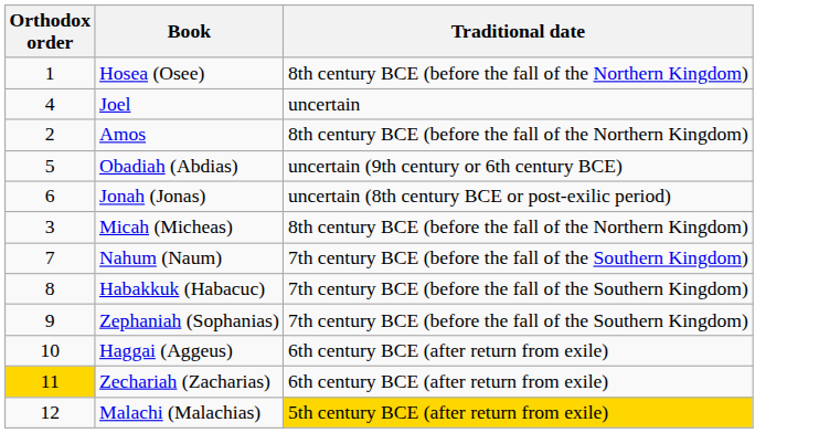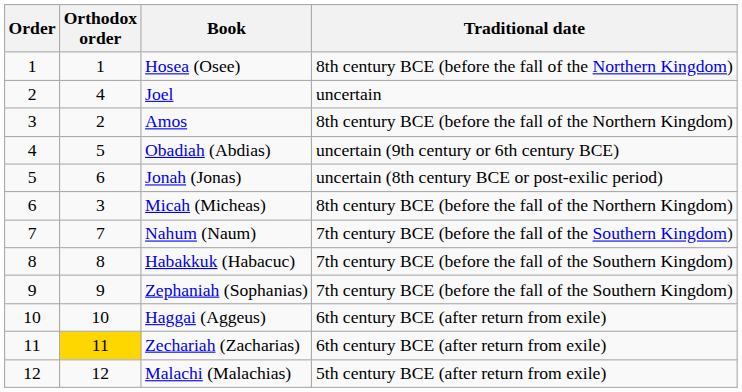 <table class="wikitable sortable" style="textalign:center;">
 <tr>
+<th>Order</th>
 <th>Orthodox <br>order</th>
 <th>Book</th>
 <th>Traditional date</th>
 </tr>
 <tr>
 <td align=center>1</td>
+<td align=center>1</td>
 <td><a href='#'>Hosea</a> (Osee)</td>
 <td>8th century BCE (before the fall of the <a href='#'>Northern Kingdom</a>)</td>
 </tr>
 <tr>
+<td align=center>2</td>
 <td align=center>4</td>
 <td><a href='#'>Joel</a></td>
 <td>uncertain</td>
 </tr>
 <tr>
+<td align=center>3</td>
 <td align=center>2</td>
 <td><a href='#'>Amos</a></td>
 <td>8th century BCE (before the fall of the Northern Kingdom)</td>
 </tr>
 <tr>
+<td align=center>4</td>
 <td align=center>5</td>
 <td><a href='#'>Obadiah</a> (Abdias)</td>
 <td>uncertain (9th century or 6th century BCE)</td>
 </tr>
 <tr>
+<td align=center>5</td>
 <td align=center>6</td>
 <td><a href='#'>Jonah</a> (Jonas)</td>
 <td>uncertain (8th century BCE or post-exilic period)</td>
 </tr>
 <tr>
+<td align=center>6</td>
 <td align=center>3</td>
 <td><a href='#'>Micah</a> (Micheas)</td>
 <td>8th century BCE (before the fall of the Northern Kingdom)</td>
 </tr>
 <tr>
 <td align=center>7</td>
+<td align=center>7</td>
 <td><a href='#'>Nahum</a> (Naum)</td>
 <td>7th century BCE (before the fall of the <a href='#'>Southern Kingdom</a>)</td>
 </tr>
 <tr>
+<td align=center>8</td>
 <td align=center>8</td>
 <td><a href='#'>Habakkuk</a> (Habacuc)</td>
 <td>7th century BCE (before the fall of the Southern Kingdom)</td>
 </tr>
 <tr>
 <td align=center>9</td>
+<td align=center>9</td>
 <td><a href='#'>Zephaniah</a> (Sophanias)</td>
 <td>7th century BCE (before the fall of the Southern Kingdom)</td>
 </tr>
 <tr>
 <td align=center>10</td>
+<td align=center>10</td>
 <td><a href='#'>Haggai</a> (Aggeus)</td>
 <td>6th century BCE (after return from exile)</td>
 </tr>
 <tr>
+<td align=center>11</td>
 <td align=center style="background: gold;">11</td>
 <td><a href='#'>Zechariah</a> (Zacharias)</td>
 <td>6th century BCE (after return from exile)</td>
 </tr>
 <tr>
 <td align=center>12</td>
+<td align=center>12</td>
 <td><a href='#'>Malachi</a> (Malachias)</td>
-<td style="background: gold;">5th century BCE (after return from exile)</td>
+<td>5th century BCE (after return from exile)</td>
 </tr>
 </table>
